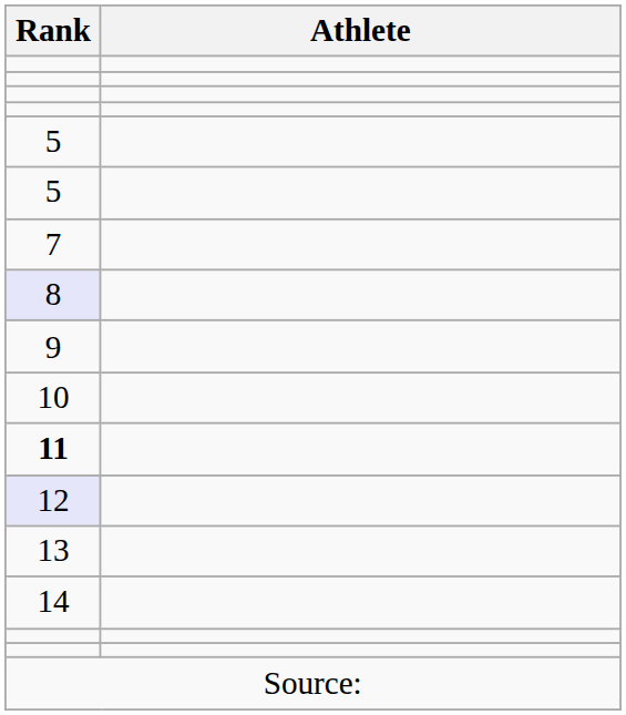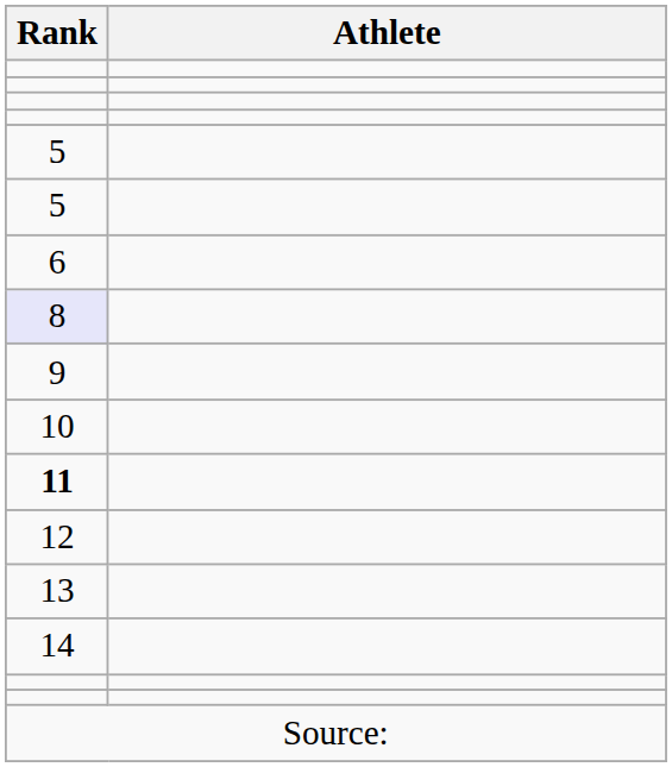 <table class="wikitable" style="text-align: center;">
 <tr>
 <th width=40>Rank</th>
 <th width=250>Athlete</th>
 </tr>
 <tr>
 <td></td>
 <td align="left"></td>
 </tr>
 <tr>
 <td></td>
 <td align="left"></td>
 </tr>
 <tr>
 <td></td>
 <td align="left"></td>
 </tr>
 <tr>
 <td></td>
 <td align="left"></td>
 </tr>
 <tr>
 <td>5</td>
 <td align="left"></td>
 </tr>
 <tr>
 <td>5</td>
 <td align="left"></td>
 </tr>
 <tr>
-<td>7</td>
+<td>6</td>
 <td align="left"></td>
 </tr>
 <tr>
 <td style="background: lavender;">8</td>
 <td align="left"></td>
 </tr>
 <tr>
 <td>9</td>
 <td align="left"></td>
 </tr>
 <tr>
 <td>10</td>
 <td align="left"></td>
 </tr>
 <tr>
 <td><strong>11</strong></td>
 <td align="left"></td>
 </tr>
 <tr>
-<td style="background: lavender;">12</td>
+<td>12</td>
 <td align="left"></td>
 </tr>
 <tr>
 <td>13</td>
 <td align="left"></td>
 </tr>
 <tr>
 <td>14</td>
 <td align="left"></td>
 </tr>
 <tr>
 <td></td>
 <td align="left"></td>
 </tr>
 <tr>
 <td></td>
 <td align="left"></td>
 </tr>
 <tr>
 <td colspan="2">Source:</td>
 </tr>
 </table>
